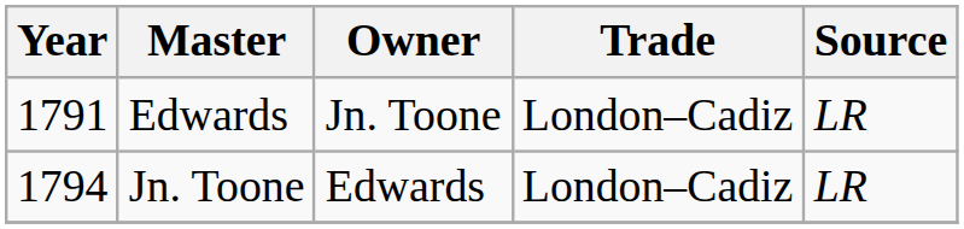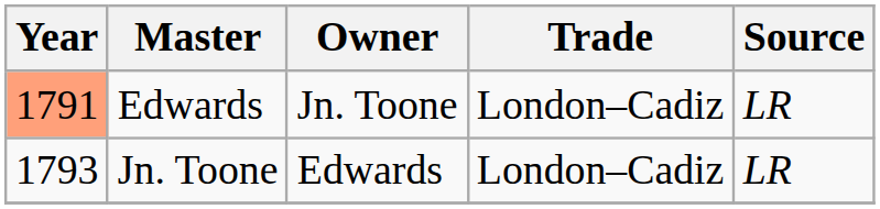 <table class=" wikitable">
 <tr>
 <th>Year</th>
 <th>Master</th>
 <th>Owner</th>
 <th>Trade</th>
 <th>Source</th>
 </tr>
 <tr>
-<td>1791</td>
+<td style="background: lightsalmon;">1791</td>
 <td>Edwards</td>
 <td>Jn. Toone</td>
 <td>London–Cadiz</td>
 <td><em>LR</em></td>
 </tr>
 <tr>
-<td>1794</td>
+<td>1793</td>
 <td>Jn. Toone</td>
 <td>Edwards</td>
 <td>London–Cadiz</td>
 <td><em>LR</em></td>
 </tr>
 <tr>
 </tr>
 </table>
